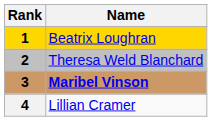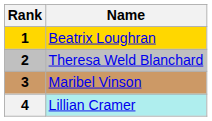 <table class="wikitable">
 <tr>
 <th>Rank</th>
 <th>Name</th>
 </tr>
 <tr bgcolor="gold">
 <td align="center"><strong>1</strong></td>
 <td><a href='#'>Beatrix Loughran</a></td>
 </tr>
 <tr bgcolor="silver">
 <td align="center"><strong>2</strong></td>
 <td><a href='#'>Theresa Weld Blanchard</a></td>
 </tr>
 <tr bgcolor="cc9966">
 <td align="center"><strong>3</strong></td>
-<td><strong><a href='#'>Maribel Vinson</a></strong></td>
+<td><a href='#'>Maribel Vinson</a></td>
 </tr>
 <tr>
 <th>4</th>
-<td><a href='#'>Lillian Cramer</a></td>
+<td style="background: paleturquoise;"><a href='#'>Lillian Cramer</a></td>
 </tr>
 </table>
